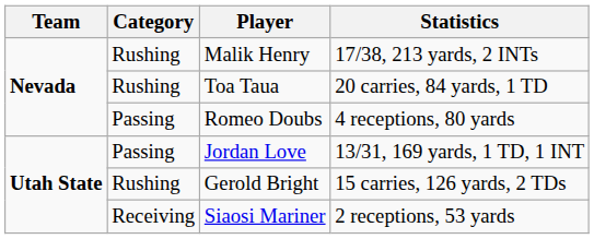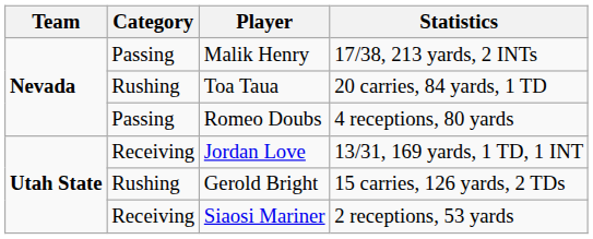 <table class="wikitable" style="float: left;">
 <tr>
 <th>Team</th>
 <th>Category</th>
 <th>Player</th>
 <th>Statistics</th>
 </tr>
 <tr>
 <td rowspan=3><strong>Nevada</strong></td>
-<td>Rushing</td>
+<td>Passing</td>
 <td>Malik Henry</td>
 <td>17/38, 213 yards, 2 INTs</td>
 </tr>
 <tr>
 <td>Rushing</td>
 <td>Toa Taua</td>
 <td>20 carries, 84 yards, 1 TD</td>
 </tr>
 <tr>
 <td>Passing</td>
 <td>Romeo Doubs</td>
 <td>4 receptions, 80 yards</td>
 </tr>
 <tr>
 <td rowspan=3><strong>Utah State</strong></td>
-<td>Passing</td>
+<td>Receiving</td>
 <td><a href='#'>Jordan Love</a></td>
 <td>13/31, 169 yards, 1 TD, 1 INT</td>
 </tr>
 <tr>
 <td>Rushing</td>
 <td>Gerold Bright</td>
 <td>15 carries, 126 yards, 2 TDs</td>
 </tr>
 <tr>
 <td>Receiving</td>
 <td><a href='#'>Siaosi Mariner</a></td>
 <td>2 receptions, 53 yards</td>
 </tr>
 </table>
